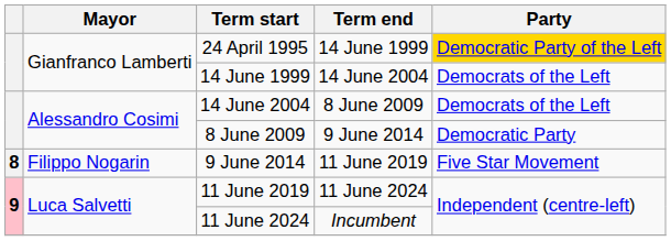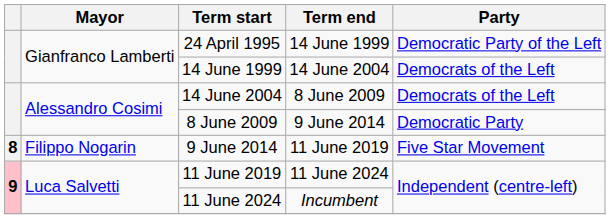 <table class="wikitable">
 <tr>
 <th class=unsortable> </th>
 <th>Mayor</th>
 <th>Term start</th>
 <th>Term end</th>
 <th>Party</th>
 </tr>
 <tr>
 <th rowspan=2 style="background:"></th>
 <td rowspan=2>Gianfranco Lamberti</td>
 <td align=center>24 April 1995</td>
 <td align=center>14 June 1999</td>
-<td style="background: gold;"><a href='#'>Democratic Party of the Left</a></td>
+<td><a href='#'>Democratic Party of the Left</a></td>
 </tr>
 <tr>
 <td align=center>14 June 1999</td>
 <td align=center>14 June 2004</td>
 <td><a href='#'>Democrats of the Left</a></td>
 </tr>
 <tr>
 <th rowspan=2 style="background:"></th>
 <td rowspan=2><a href='#'>Alessandro Cosimi</a></td>
 <td align=center>14 June 2004</td>
 <td align=center>8 June 2009</td>
 <td><a href='#'>Democrats of the Left</a></td>
 </tr>
 <tr>
 <td align=center>8 June 2009</td>
 <td align=center>9 June 2014</td>
 <td><a href='#'>Democratic Party</a></td>
 </tr>
 <tr>
 <th style="background:">8</th>
 <td><a href='#'>Filippo Nogarin</a></td>
 <td align=center>9 June 2014</td>
 <td align=center>11 June 2019</td>
 <td><a href='#'>Five Star Movement</a></td>
 </tr>
 <tr>
 <th rowspan=2 style="background:pink;">9</th>
 <td rowspan=2><a href='#'>Luca Salvetti</a></td>
 <td align=center>11 June 2019</td>
 <td align=center>11 June 2024</td>
 <td rowspan=2><a href='#'>Independent</a> (<a href='#'>centre-left</a>)</td>
 </tr>
 <tr>
 <td align=center>11 June 2024</td>
 <td align=center><em>Incumbent</em></td>
 </tr>
 <tr>
 </tr>
 </table>
